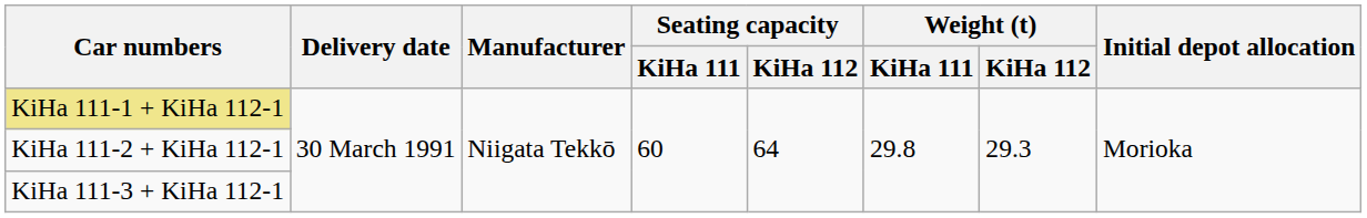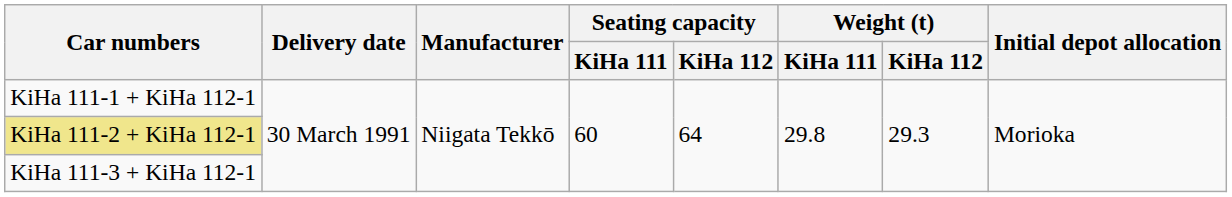 <table class="wikitable">
 <tr>
 <th rowspan=2>Car numbers</th>
 <th rowspan=2>Delivery date</th>
 <th rowspan=2>Manufacturer</th>
 <th colspan=2>Seating capacity</th>
 <th colspan=2>Weight (t)</th>
 <th rowspan=2>Initial depot allocation</th>
 </tr>
 <tr>
 <th>KiHa 111</th>
 <th>KiHa 112</th>
 <th>KiHa 111</th>
 <th>KiHa 112</th>
 </tr>
 <tr>
-<td style="background: khaki;">KiHa 111-1 + KiHa 112-1</td>
+<td>KiHa 111-1 + KiHa 112-1</td>
 <td rowspan=3>30 March 1991</td>
 <td rowspan=3>Niigata Tekkō</td>
 <td rowspan=3>60</td>
 <td rowspan=3>64</td>
 <td rowspan=3>29.8</td>
 <td rowspan=3>29.3</td>
 <td rowspan=3>Morioka</td>
 </tr>
 <tr>
-<td>KiHa 111-2 + KiHa 112-1</td>
+<td style="background: khaki;">KiHa 111-2 + KiHa 112-1</td>
 </tr>
 <tr>
 <td>KiHa 111-3 + KiHa 112-1</td>
 </tr>
 </table>
